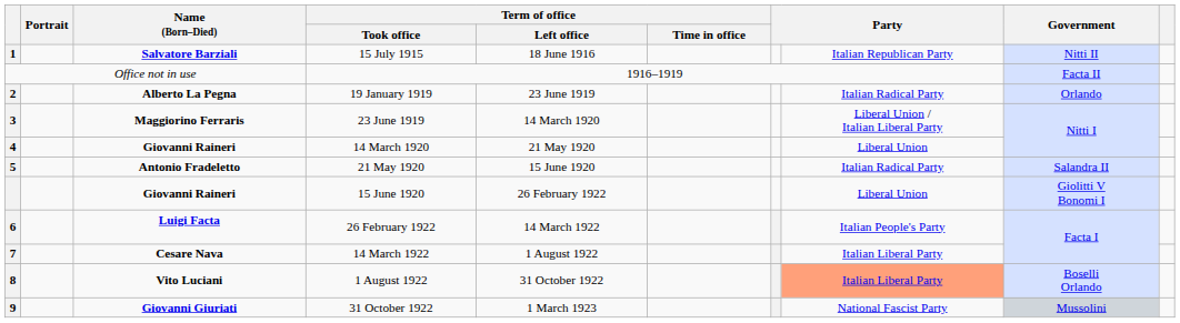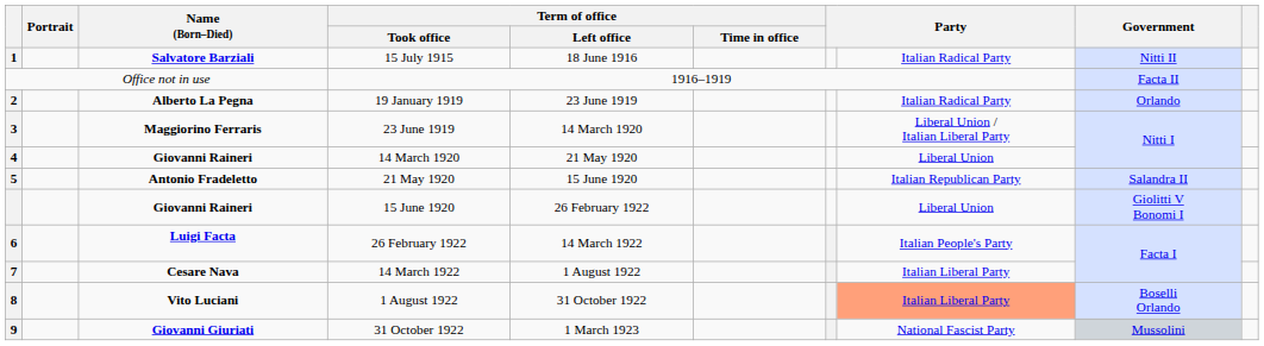 <table class="wikitable" style="text-align:center; style="width=95%">
 <tr>
 <th width=1% rowspan=2></th>
 <th width=1% rowspan=2>Portrait</th>
 <th width=15% rowspan=2>Name<br><small>(Born–Died)</small></th>
 <th width=30% colspan=3>Term of office</th>
 <th width=15% rowspan=2 colspan=2>Party</th>
 <th width=10% rowspan=2>Government</th>
 <th width=1% rowspan=2></th>
 </tr>
 <tr style="text-align:center;">
 <th width=11%>Took office</th>
 <th width=11%>Left office</th>
 <th width=8%>Time in office</th>
 </tr>
 <tr>
 <th>1</th>
 <td></td>
 <td><strong><a href='#'>Salvatore Barziali</a></strong><br></td>
 <td>15 July 1915</td>
 <td>18 June 1916</td>
 <td></td>
 <td style="background: "></td>
-<td><a href='#'>Italian Republican Party</a></td>
+<td><a href='#'>Italian Radical Party</a></td>
 <td bgcolor=#D5E1FF><a href='#'>Nitti II</a></td>
 <td></td>
 </tr>
 <tr>
 <td colspan=3><em>Office not in use</em></td>
 <td colspan=5 align="center">1916–1919</td>
 <td bgcolor=#D5E1FF><a href='#'>Facta II</a></td>
 <td></td>
 </tr>
 <tr>
 <th>2</th>
 <td></td>
 <td><strong>Alberto La Pegna</strong><br></td>
 <td>19 January 1919</td>
 <td>23 June 1919</td>
 <td></td>
 <td style="background: "></td>
 <td><a href='#'>Italian Radical Party</a></td>
 <td bgcolor=#D5E1FF><a href='#'>Orlando</a></td>
 <td></td>
 </tr>
 <tr>
 <th>3</th>
 <td></td>
 <td><strong>Maggiorino Ferraris</strong><br></td>
 <td>23 June 1919</td>
 <td>14 March 1920</td>
 <td></td>
 <td style="background: "></td>
 <td><a href='#'>Liberal Union</a> /<br><a href='#'>Italian Liberal Party</a></td>
 <td rowspan=2 bgcolor=#D5E1FF><a href='#'>Nitti I</a></td>
 <td></td>
 </tr>
 <tr>
 <th>4</th>
 <td></td>
 <td><strong>Giovanni Raineri</strong><br></td>
 <td>14 March 1920</td>
 <td>21 May 1920</td>
 <td></td>
 <td style="background: "></td>
 <td><a href='#'>Liberal Union</a></td>
 <td></td>
 </tr>
 <tr>
 <th>5</th>
 <td></td>
 <td><strong>Antonio Fradeletto</strong><br></td>
 <td>21 May 1920</td>
 <td>15 June 1920</td>
 <td></td>
 <td style="background: "></td>
-<td><a href='#'>Italian Radical Party</a></td>
+<td><a href='#'>Italian Republican Party</a></td>
 <td bgcolor=#D5E1FF><a href='#'>Salandra II</a></td>
 <td></td>
 </tr>
 <tr>
 <th></th>
 <td></td>
 <td><strong>Giovanni Raineri</strong><br></td>
 <td>15 June 1920</td>
 <td>26 February 1922</td>
 <td></td>
 <td style="background: "></td>
 <td><a href='#'>Liberal Union</a></td>
 <td bgcolor=#D5E1FF><a href='#'>Giolitti V</a><br><a href='#'>Bonomi I</a></td>
 <td></td>
 </tr>
 <tr>
 <th>6</th>
 <td></td>
 <td><strong><a href='#'>Luigi Facta</a></strong><br><br><em></em></td>
 <td>26 February 1922</td>
 <td>14 March 1922</td>
 <td></td>
 <th style="background:"></th>
 <td><a href='#'>Italian People's Party</a></td>
 <td rowspan=2 bgcolor=#D5E1FF><a href='#'>Facta I</a></td>
 <td></td>
 </tr>
 <tr>
 <th>7</th>
 <td></td>
 <td><strong>Cesare Nava</strong><br></td>
 <td>14 March 1922</td>
 <td>1 August 1922</td>
 <td></td>
 <th style="background:"></th>
 <td><a href='#'>Italian Liberal Party</a></td>
 <td></td>
 </tr>
 <tr>
 <th>8</th>
 <td></td>
 <td><strong>Vito Luciani</strong><br></td>
 <td>1 August 1922</td>
 <td>31 October 1922</td>
 <td></td>
 <th style="background:"></th>
 <td style="background: lightsalmon;"><a href='#'>Italian Liberal Party</a></td>
 <td bgcolor=#D5E1FF><a href='#'>Boselli</a><br><a href='#'>Orlando</a></td>
 <td></td>
 </tr>
 <tr>
 <th>9</th>
 <td></td>
 <td><strong><a href='#'>Giovanni Giuriati</a></strong><br></td>
 <td>31 October 1922</td>
 <td>1 March 1923</td>
 <td></td>
 <th style="background:"></th>
 <td><a href='#'>National Fascist Party</a></td>
 <td bgcolor=#CFD5DA><a href='#'>Mussolini</a></td>
 <td></td>
 </tr>
 </table>
